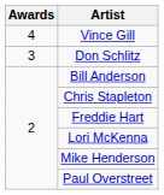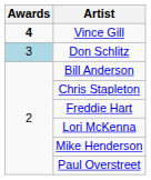 <table class="wikitable" rowspan="2" style="text-align:center;">
 <tr>
 <th scope="col" style="width:55px;">Awards</th>
 <th scope="col" style="text-align:center;">Artist</th>
 </tr>
 <tr>
-<td>4</td>
+<td><strong>4</strong></td>
 <td><a href='#'>Vince Gill</a></td>
 </tr>
 <tr>
-<td>3</td>
+<td style="background: lightblue;">3</td>
 <td><a href='#'>Don Schlitz</a></td>
 </tr>
 <tr>
 <td rowspan=6>2</td>
 <td><a href='#'>Bill Anderson</a></td>
 </tr>
 <tr>
 <td><a href='#'>Chris Stapleton</a></td>
 </tr>
 <tr>
 <td><a href='#'>Freddie Hart</a></td>
 </tr>
 <tr>
 <td><a href='#'>Lori McKenna</a></td>
 </tr>
 <tr>
 <td><a href='#'>Mike Henderson</a></td>
 </tr>
 <tr>
 <td><a href='#'>Paul Overstreet</a></td>
 </tr>
 </table>
